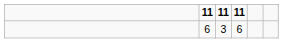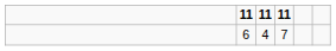 <table class="wikitable">
 <tr>
 <td style="width:18em"><strong> </strong></td>
 <td align=center style="width:1em"><strong>11</strong></td>
 <td align=center style="width:1em"><strong>11</strong></td>
 <td align=center style="width:1em"><strong>11</strong></td>
 <td align=center style="width:1em"></td>
 <td align=center style="width:1em"></td>
 </tr>
 <tr>
 <td style="width:18em"></td>
 <td align=center style="width:1em">6</td>
-<td align=center style="width:1em">3</td>
-<td align=center style="width:1em">6</td>
+<td align=center style="width:1em">4</td>
+<td align=center style="width:1em">7</td>
 <td align=center style="width:1em"></td>
 <td align=center style="width:1em"></td>
 </tr>
 </table>
